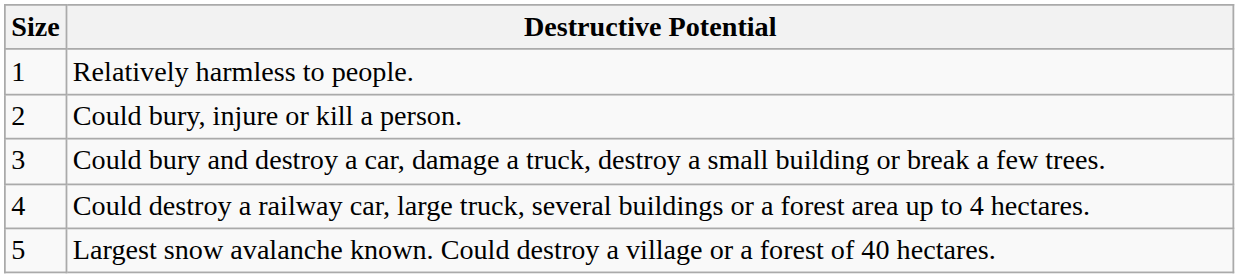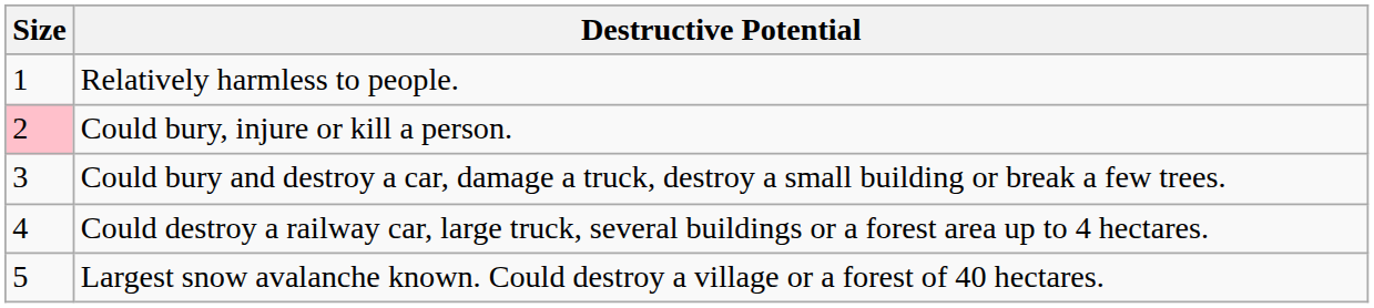 <table class="wikitable">
 <tr>
 <th style="width:5%;">Size</th>
 <th style="width:95%;">Destructive Potential</th>
 </tr>
 <tr>
 <td>1</td>
 <td>Relatively harmless to people.</td>
 </tr>
 <tr>
-<td>2</td>
+<td style="background: pink;">2</td>
 <td>Could bury, injure or kill a person.</td>
 </tr>
 <tr>
 <td>3</td>
 <td>Could bury and destroy a car, damage a truck, destroy a small building or break a few trees.</td>
 </tr>
 <tr>
 <td>4</td>
 <td>Could destroy a railway car, large truck, several buildings or a forest area up to 4 hectares.</td>
 </tr>
 <tr>
 <td>5</td>
 <td>Largest snow avalanche known. Could destroy a village or a forest of 40 hectares.</td>
 </tr>
 </table>
